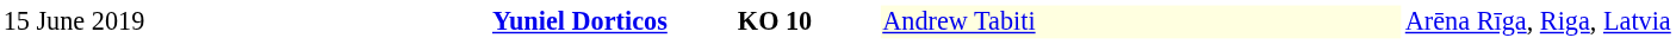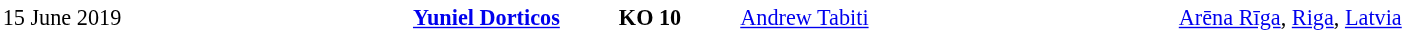 <table cellspacing="1" style="width:100%;">
 <tr>
 <th width="15%"></th>
 <th width="25%"></th>
 <th width="10%"></th>
 <th width="25%"></th>
 </tr>
 <tr style="font-size:100%">
 <td align="right">15 June 2019</td>
 <td align="right"><strong><a href='#'>Yuniel Dorticos</a> </strong></td>
 <td align="center"><strong>KO 10</strong></td>
-<td style="background: lightyellow;"> <a href='#'>Andrew Tabiti</a></td>
+<td> <a href='#'>Andrew Tabiti</a></td>
 <td><a href='#'>Arēna Rīga</a>, <a href='#'>Riga</a>, <a href='#'>Latvia</a></td>
 </tr>
 </table>
